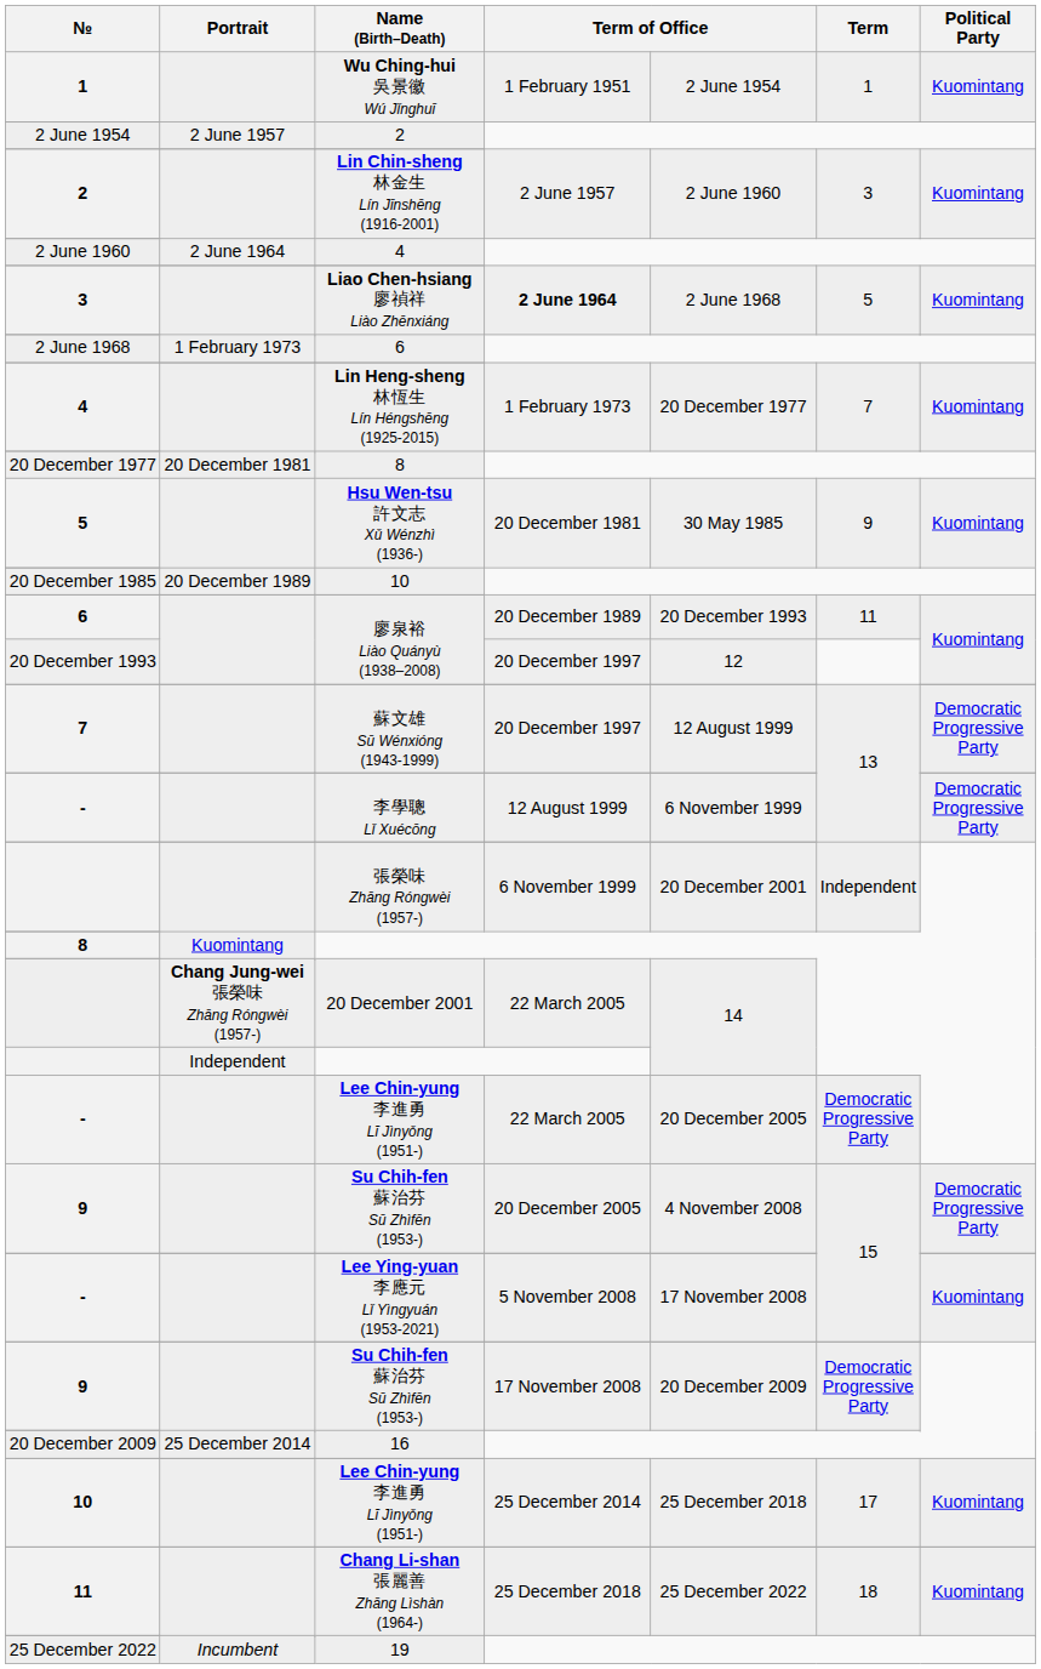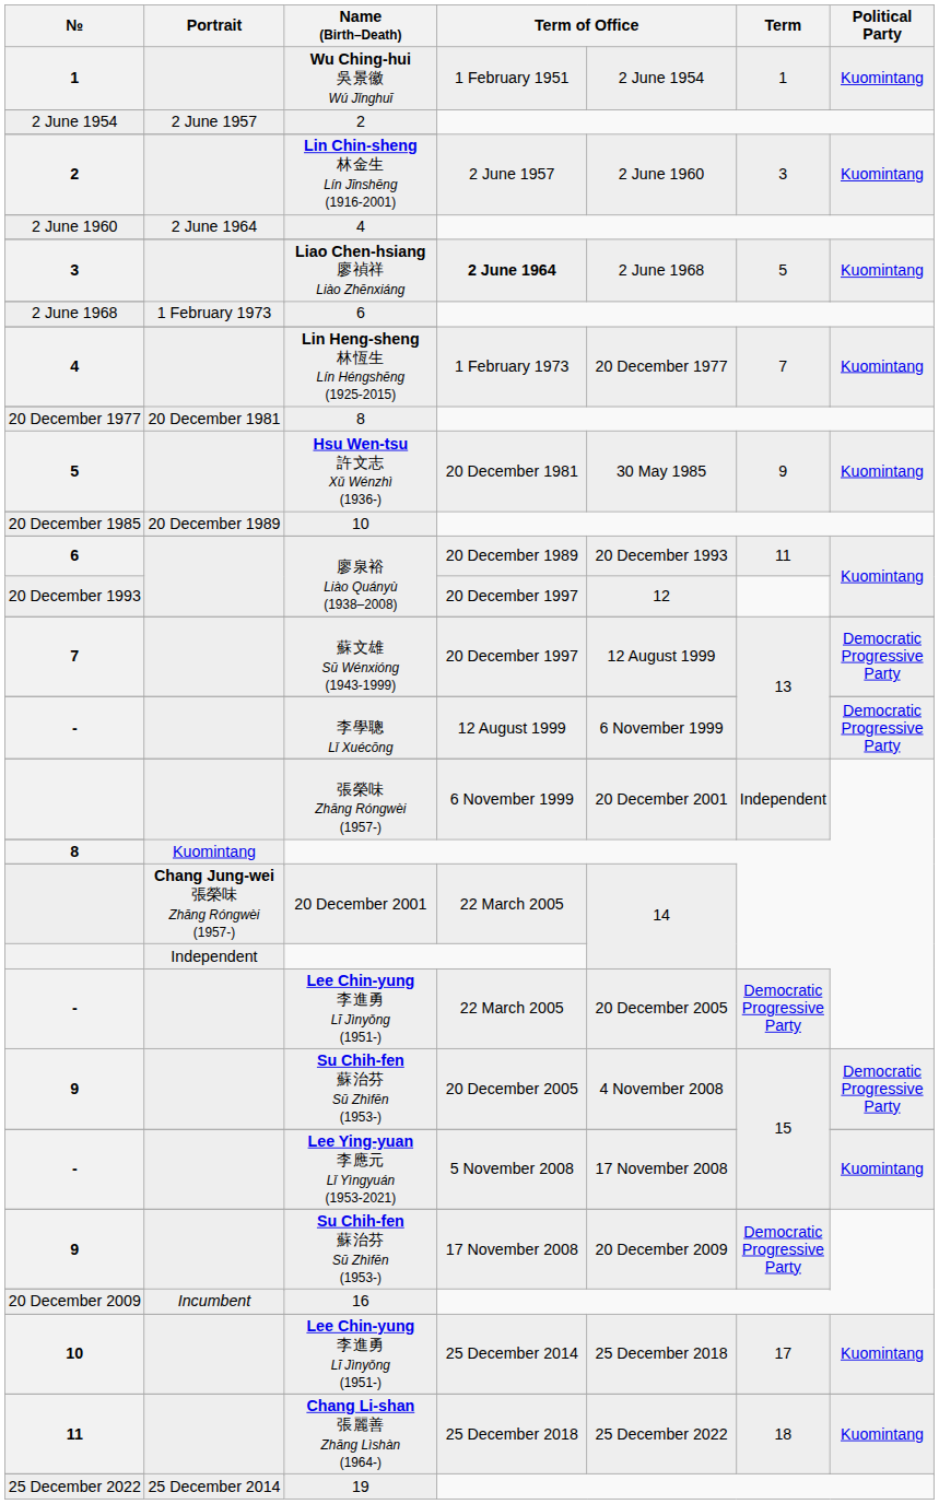 <table class="wikitable" style="text-align:center">
 <tr ->
 <th>№</th>
 <th>Portrait</th>
 <th width="150">Name<br><small>(Birth–Death)</small></th>
 <th colspan=2 width="300">Term of Office</th>
 <th width="50">Term</th>
 <th width = "100">Political Party</th>
 </tr>
 <tr - bgcolor=#EEEEEE>
 <th style="background:">1</th>
 <td rowspan=2></td>
 <td rowspan=2><strong>Wu Ching-hui</strong><br><span>吳景徽 </span><br><small><em>Wú Jǐnghuī </em><br></small></td>
 <td>1 February 1951</td>
 <td>2 June 1954</td>
 <td>1</td>
 <td rowspan=2><a href='#'>Kuomintang</a></td>
 </tr>
 <tr ->
 </tr>
 <tr - bgcolor=#EEEEEE>
 <td>2 June 1954</td>
 <td>2 June 1957</td>
 <td>2</td>
 </tr>
 <tr ->
 </tr>
 <tr - bgcolor=#EEEEEE>
 <th style="background:">2</th>
 <td rowspan=2></td>
 <td rowspan=2><strong><a href='#'>Lin Chin-sheng</a></strong><br><span>林金生 </span><br><small><em>Lín Jīnshēng </em><br>(1916-2001)</small></td>
 <td>2 June 1957</td>
 <td>2 June 1960</td>
 <td>3</td>
 <td rowspan=2><a href='#'>Kuomintang</a></td>
 </tr>
 <tr ->
 </tr>
 <tr - bgcolor=#EEEEEE>
 <td>2 June 1960</td>
 <td>2 June 1964 </td>
 <td>4</td>
 </tr>
 <tr ->
 </tr>
 <tr - bgcolor=#EEEEEE>
 <th style="background:">3</th>
 <td rowspan=2></td>
 <td rowspan=2><strong>Liao Chen-hsiang</strong><br><span>廖禎祥 </span><br><small><em>Liào Zhēnxiáng </em><br></small></td>
 <td><strong>2 June 1964</strong></td>
 <td>2 June 1968</td>
 <td>5</td>
 <td rowspan=2><a href='#'>Kuomintang</a></td>
 </tr>
 <tr ->
 </tr>
 <tr - bgcolor=#EEEEEE>
 <td>2 June 1968</td>
 <td>1 February 1973 </td>
 <td>6</td>
 </tr>
 <tr ->
 </tr>
 <tr - bgcolor=#EEEEEE>
 <th style="background:">4</th>
 <td rowspan=2></td>
 <td rowspan=2><strong>Lin Heng-sheng</strong><br><span>林恆生 </span><br><small><em>Lín Héngshēng </em><br>(1925-2015)</small></td>
 <td>1 February 1973</td>
 <td>20 December 1977</td>
 <td>7</td>
 <td rowspan=2><a href='#'>Kuomintang</a></td>
 </tr>
 <tr ->
 </tr>
 <tr - bgcolor=#EEEEEE>
 <td>20 December 1977</td>
 <td>20 December 1981</td>
 <td>8</td>
 </tr>
 <tr - bgcolor=#EEEEEE>
 <th style="background:">5</th>
 <td rowspan=2></td>
 <td rowspan=2><strong><a href='#'>Hsu Wen-tsu</a></strong><br><span>許文志 </span><br><small><em>Xǔ Wénzhì </em><br>(1936-)</small></td>
 <td>20 December 1981</td>
 <td>30 May 1985</td>
 <td>9</td>
 <td rowspan=2><a href='#'>Kuomintang</a></td>
 </tr>
 <tr ->
 </tr>
 <tr - bgcolor=#EEEEEE>
 <td>20 December 1985</td>
 <td>20 December 1989</td>
 <td>10</td>
 </tr>
 <tr ->
 </tr>
 <tr - bgcolor=#EEEEEE>
 <th style="background:">6</th>
 <td rowspan=2></td>
 <td rowspan=2><strong></strong><br><span>廖泉裕 </span><br><small><em>Liào Quányù </em><br>(1938–2008)</small></td>
 <td>20 December 1989</td>
 <td>20 December 1993</td>
 <td>11</td>
 <td rowspan=2><a href='#'>Kuomintang</a></td>
 </tr>
 <tr - bgcolor=#EEEEEE>
 <td>20 December 1993</td>
 <td>20 December 1997</td>
 <td>12</td>
 </tr>
 <tr ->
 </tr>
 <tr - bgcolor=#EEEEEE>
 <th style="background:">7</th>
 <td></td>
 <td><strong></strong><br><span>蘇文雄 </span><br><small><em>Sū Wénxióng </em><br>(1943-1999)</small></td>
 <td>20 December 1997</td>
 <td>12 August 1999</td>
 <td rowspan=4>13</td>
 <td><a href='#'>Democratic Progressive Party</a></td>
 </tr>
 <tr ->
 </tr>
 <tr - bgcolor=#EEEEEE>
 <th style="background:">-</th>
 <td></td>
 <td><strong></strong><br><span>李學聰 </span><br><small><em>Lǐ Xuécōng </em><br></small></td>
 <td>12 August 1999</td>
 <td>6 November 1999</td>
 <td><a href='#'>Democratic Progressive Party</a></td>
 </tr>
 <tr ->
 </tr>
 <tr - bgcolor=#EEEEEE>
 <th style="background:"></th>
 <td rowspan=2></td>
 <td rowspan=2><strong></strong><br><span>張榮味</span><br><small><em>Zhāng Róngwèi </em><br>(1957-)</small></td>
 <td rowspan=2>6 November 1999</td>
 <td rowspan=2>20 December 2001</td>
 <td>Independent</td>
 </tr>
 <tr ->
 </tr>
 <tr - bgcolor=#EEEEEE>
 <th style="background:">8</th>
 <td rowspan=2><a href='#'>Kuomintang</a></td>
 </tr>
 <tr ->
 </tr>
 <tr - bgcolor=#EEEEEE>
 <td rowspan=2></td>
 <td rowspan=2><strong>Chang Jung-wei</strong><br><span>張榮味</span><br><small><em>Zhāng Róngwèi </em><br>(1957-)</small></td>
 <td rowspan=2>20 December 2001</td>
 <td rowspan=2>22 March 2005</td>
 <td rowspan=3>14</td>
 </tr>
 <tr ->
 </tr>
 <tr - bgcolor=#EEEEEE>
 <th style="background:"></th>
 <td>Independent</td>
 </tr>
 <tr - bgcolor=#EEEEEE>
 <th style="background:">-</th>
 <td></td>
 <td><strong><a href='#'>Lee Chin-yung</a></strong><br><span>李進勇 </span><br><small><em>Lĭ Jìnyǒng </em><br>(1951-)</small></td>
 <td>22 March 2005</td>
 <td>20 December 2005</td>
 <td><a href='#'>Democratic Progressive Party</a></td>
 </tr>
 <tr - bgcolor=#EEEEEE>
 <th style="background:">9</th>
 <td></td>
 <td><strong><a href='#'>Su Chih-fen</a></strong><br><span>蘇治芬 </span><br><small><em>Sū Zhìfēn </em><br>(1953-)</small></td>
 <td>20 December 2005</td>
 <td>4 November 2008 </td>
 <td rowspan=3>15</td>
 <td><a href='#'>Democratic Progressive Party</a></td>
 </tr>
 <tr ->
 </tr>
 <tr - bgcolor=#EEEEEE>
 <th style="background:">-</th>
 <td></td>
 <td><strong><a href='#'>Lee Ying-yuan</a></strong><br><span>李應元 </span><br><small><em>Lǐ Yìngyuán </em><br>(1953-2021)</small></td>
 <td>5 November 2008</td>
 <td>17 November 2008</td>
 <td><a href='#'>Kuomintang</a></td>
 </tr>
 <tr ->
 </tr>
 <tr - bgcolor=#EEEEEE>
 <th style="background:">9</th>
 <td rowspan=2></td>
 <td rowspan=2><strong><a href='#'>Su Chih-fen</a></strong><br><span>蘇治芬 </span><br><small><em>Sū Zhìfēn </em><br>(1953-)</small></td>
 <td>17 November 2008</td>
 <td>20 December 2009</td>
 <td rowspan=2><a href='#'>Democratic Progressive Party</a></td>
 </tr>
 <tr ->
 </tr>
 <tr - bgcolor=#EEEEEE>
 <td>20 December 2009</td>
-<td>25 December 2014 </td>
+<td><em>Incumbent</em></td>
 <td>16</td>
 </tr>
 <tr ->
 </tr>
 <tr - bgcolor=#EEEEEE>
 <th style="background:">10</th>
 <td></td>
 <td><strong><a href='#'>Lee Chin-yung</a></strong><br><span>李進勇 </span><br><small><em>Lĭ Jìnyǒng </em><br>(1951-)</small></td>
 <td>25 December 2014</td>
 <td>25 December 2018 </td>
 <td>17</td>
 <td><a href='#'>Kuomintang</a></td>
 </tr>
 <tr>
 </tr>
 <tr - bgcolor=#EEEEEE>
 <th style="background:">11</th>
 <td rowspan=2></td>
 <td rowspan=2><strong><a href='#'>Chang Li-shan</a></strong><br><span>張麗善 </span><br><small><em>Zhāng Lìshàn </em><br>(1964-)</small></td>
 <td>25 December 2018</td>
 <td>25 December 2022</td>
 <td>18</td>
 <td rowspan=2><a href='#'>Kuomintang</a></td>
 </tr>
 <tr>
 </tr>
 <tr - bgcolor=#EEEEEE>
 <td>25 December 2022</td>
-<td><em>Incumbent</em></td>
+<td>25 December 2014 </td>
 <td>19</td>
 </tr>
 </table>
